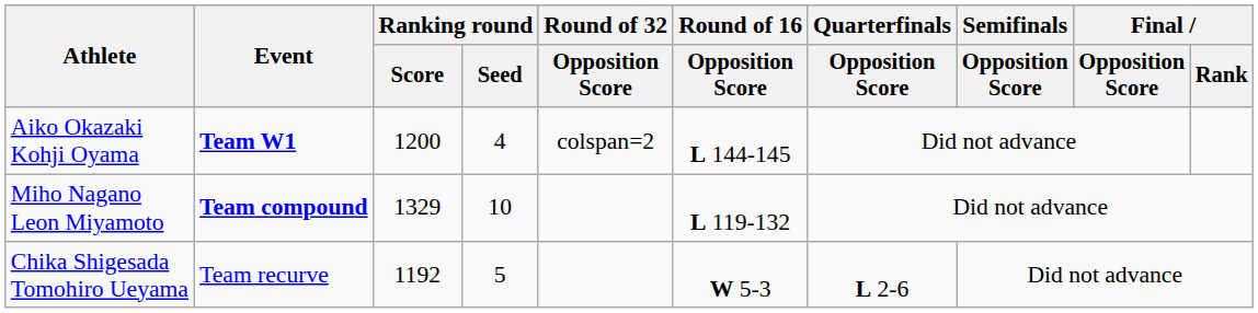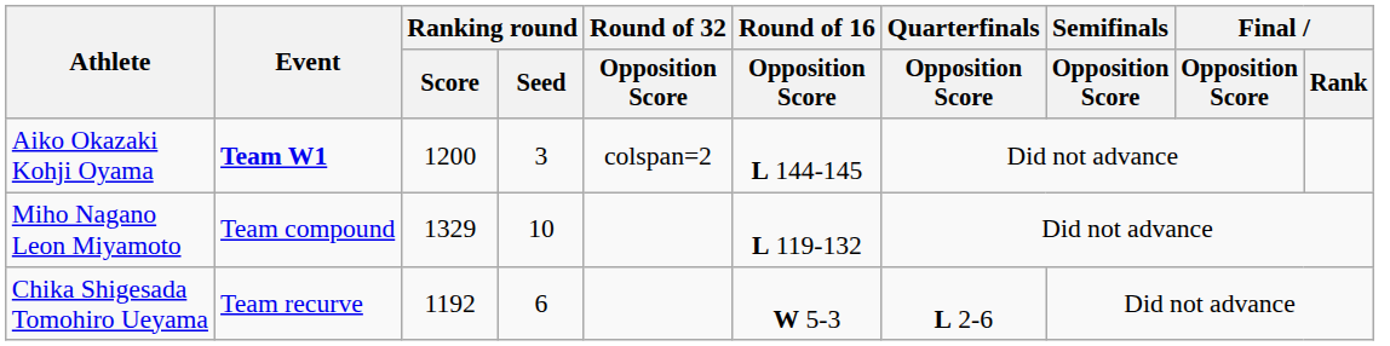 <table class="wikitable" style="font-size:90%">
 <tr>
 <th rowspan=2>Athlete</th>
 <th rowspan=2>Event</th>
 <th colspan="2">Ranking round</th>
 <th>Round of 32</th>
 <th>Round of 16</th>
 <th>Quarterfinals</th>
 <th>Semifinals</th>
 <th colspan="2">Final / </th>
 </tr>
 <tr style="font-size:95%">
 <th>Score</th>
 <th>Seed</th>
 <th>Opposition<br>Score</th>
 <th>Opposition<br>Score</th>
 <th>Opposition<br>Score</th>
 <th>Opposition<br>Score</th>
 <th>Opposition<br>Score</th>
 <th>Rank</th>
 </tr>
 <tr align=center>
 <td align=left><a href='#'>Aiko Okazaki</a><br><a href='#'>Kohji Oyama</a></td>
 <td align=left><strong><a href='#'>Team W1</a></strong></td>
 <td>1200</td>
-<td>4</td>
+<td>3</td>
 <td>colspan=2 </td>
 <td><br><strong>L</strong> 144-145</td>
 <td colspan=3>Did not advance</td>
 </tr>
 <tr align=center>
 <td align=left><a href='#'>Miho Nagano</a><br><a href='#'>Leon Miyamoto</a></td>
-<td align=left><strong><a href='#'>Team compound</a></strong></td>
+<td align=left><a href='#'>Team compound</a></td>
 <td>1329</td>
 <td>10</td>
 <td></td>
 <td><br><strong>L</strong> 119-132</td>
 <td colspan=4>Did not advance</td>
 </tr>
 <tr align=center>
 <td align=left><a href='#'>Chika Shigesada</a><br><a href='#'>Tomohiro Ueyama</a></td>
 <td align=left><a href='#'>Team recurve</a></td>
 <td>1192</td>
-<td>5</td>
+<td>6</td>
 <td></td>
 <td><br><strong>W</strong> 5-3</td>
 <td><br><strong>L</strong> 2-6</td>
 <td colspan=3>Did not advance</td>
 </tr>
 </table>
